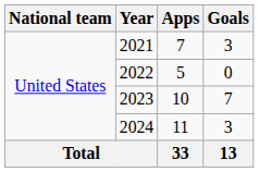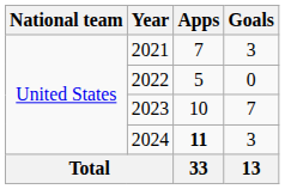 <table class=wikitable style=text-align:center>
 <tr>
 <th>National team</th>
 <th>Year</th>
 <th>Apps</th>
 <th>Goals</th>
 </tr>
 <tr>
 <td rowspan="4"><a href='#'>United States</a></td>
 <td>2021</td>
 <td>7</td>
 <td>3</td>
 </tr>
 <tr>
 <td>2022</td>
 <td>5</td>
 <td>0</td>
 </tr>
 <tr>
 <td>2023</td>
 <td>10</td>
 <td>7</td>
 </tr>
 <tr>
 <td>2024</td>
-<td>11</td>
+<td><strong>11</strong></td>
 <td>3</td>
 </tr>
 <tr>
 <th colspan="2">Total</th>
 <th>33</th>
 <th>13</th>
 </tr>
 </table>
